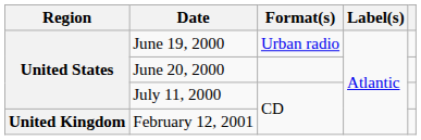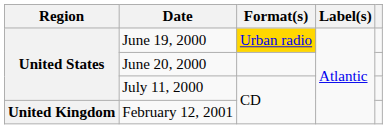 <table class="wikitable plainrowheaders">
 <tr>
 <th scope="col">Region</th>
 <th scope="col">Date</th>
 <th scope="col">Format(s)</th>
 <th scope="col">Label(s)</th>
 <th scope="col"></th>
 </tr>
 <tr>
 <th rowspan="3" scope="row">United States</th>
 <td>June 19, 2000</td>
-<td><a href='#'>Urban radio</a></td>
+<td style="background: gold;"><a href='#'>Urban radio</a></td>
 <td rowspan="4"><a href='#'>Atlantic</a></td>
 <td></td>
 </tr>
 <tr>
 <td>June 20, 2000</td>
 <td></td>
 <td></td>
 </tr>
 <tr>
 <td>July 11, 2000</td>
 <td rowspan="2">CD</td>
 <td></td>
 </tr>
 <tr>
 <th scope="row">United Kingdom</th>
 <td>February 12, 2001</td>
 <td></td>
 </tr>
 </table>
